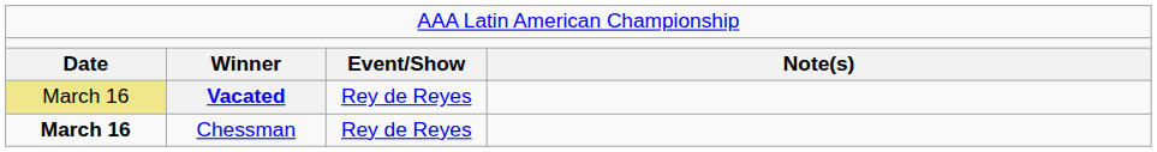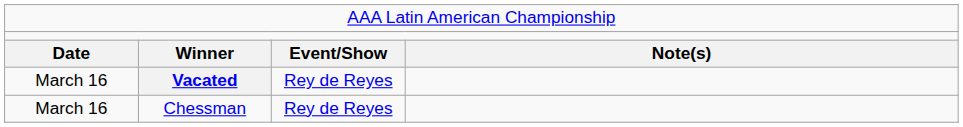 <table class="wikitable" style="text-align:center; width:100%;">
 <tr>
 <td colspan="5"><a href='#'>AAA Latin American Championship</a></td>
 </tr>
 <tr>
 <td colspan="5"><strong></strong></td>
 </tr>
 <tr>
 <th width="14%">Date</th>
 <th width="14%">Winner</th>
 <th width="14%">Event/Show</th>
 <th width="58%">Note(s)</th>
 </tr>
 <tr>
-<td style="background: khaki;">March 16</td>
+<td>March 16</td>
 <th><a href='#'>Vacated</a></th>
 <td><a href='#'>Rey de Reyes</a></td>
 <td align="left"></td>
 </tr>
 <tr>
-<td><strong>March 16</strong></td>
+<td>March 16</td>
 <td><a href='#'>Chessman</a></td>
 <td><a href='#'>Rey de Reyes</a></td>
 <td align="left"></td>
 </tr>
 </table>
